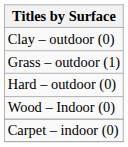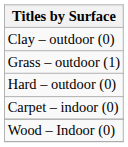 <table class="wikitable" style="display:inline-table;">
 <tr>
 <th>Titles by Surface</th>
 </tr>
 <tr>
 <td>Clay – outdoor (0)</td>
 </tr>
 <tr>
 <td>Grass – outdoor (1)</td>
 </tr>
 <tr>
 <td>Hard – outdoor (0)</td>
 </tr>
 <tr>
+<td>Carpet – indoor (0)</td>
+</tr>
+<tr>
+</tr>
+<tr>
 <td>Wood – Indoor (0)</td>
 </tr>
 <tr>
 </tr>
-<tr>
-<td>Carpet – indoor (0)</td>
-</tr>
-<tr>
-</tr>
 </table>
